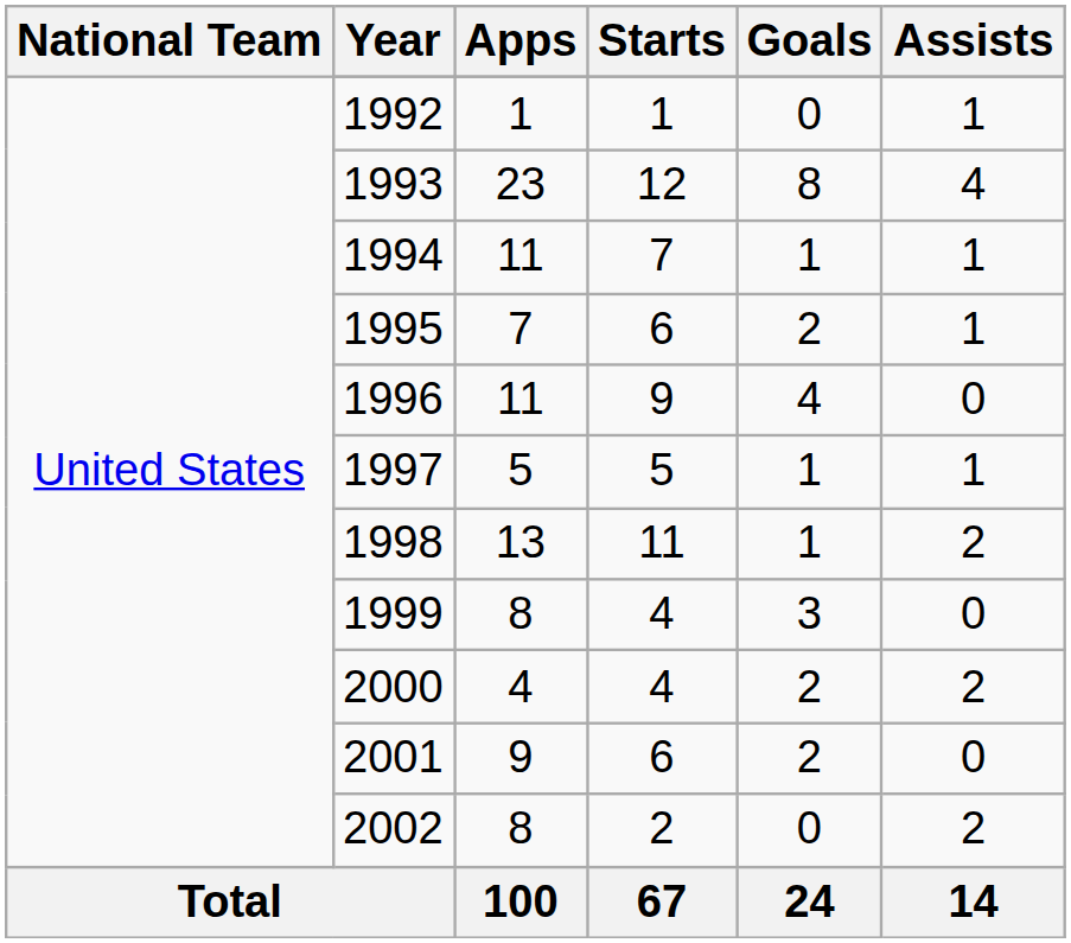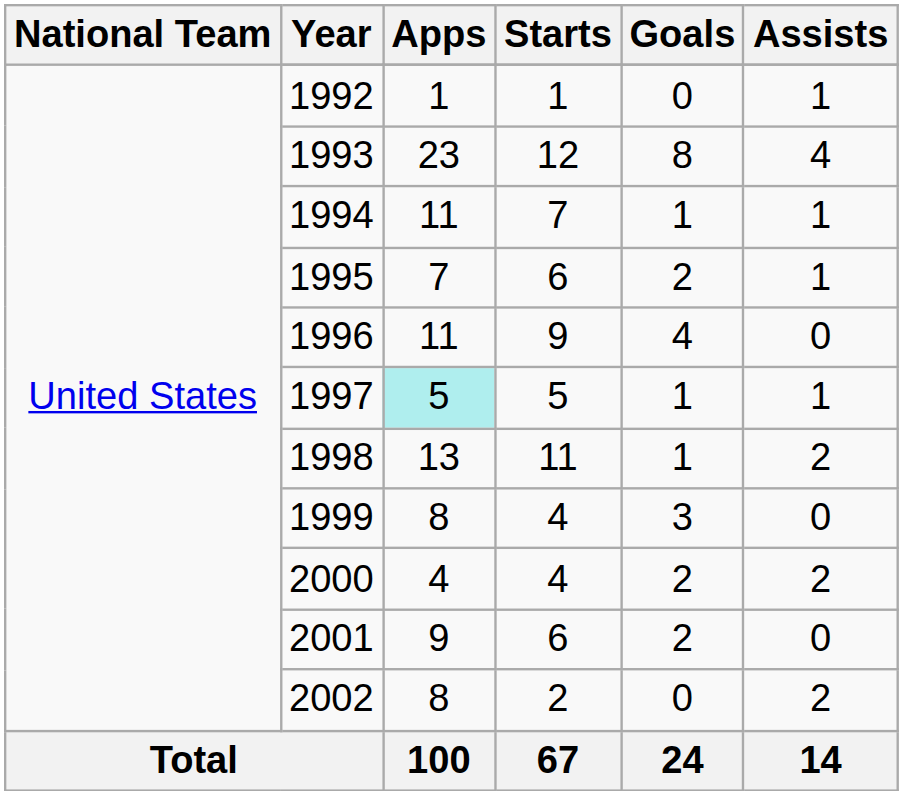 <table class="wikitable" style="text-align:center">
 <tr>
 <th>National Team</th>
 <th>Year</th>
 <th>Apps</th>
 <th>Starts</th>
 <th>Goals</th>
 <th>Assists</th>
 </tr>
 <tr>
 <td rowspan="12"><a href='#'>United States</a></td>
 </tr>
 <tr>
 <td>1992</td>
 <td>1</td>
 <td>1</td>
 <td>0</td>
 <td>1</td>
 </tr>
 <tr>
 <td>1993</td>
 <td>23</td>
 <td>12</td>
 <td>8</td>
 <td>4</td>
 </tr>
 <tr>
 <td>1994</td>
 <td>11</td>
 <td>7</td>
 <td>1</td>
 <td>1</td>
 </tr>
 <tr>
 <td>1995</td>
 <td>7</td>
 <td>6</td>
 <td>2</td>
 <td>1</td>
 </tr>
 <tr>
 <td>1996</td>
 <td>11</td>
 <td>9</td>
 <td>4</td>
 <td>0</td>
 </tr>
 <tr>
 <td>1997</td>
-<td>5</td>
+<td style="background: paleturquoise;">5</td>
 <td>5</td>
 <td>1</td>
 <td>1</td>
 </tr>
 <tr>
 <td>1998</td>
 <td>13</td>
 <td>11</td>
 <td>1</td>
 <td>2</td>
 </tr>
 <tr>
 <td>1999</td>
 <td>8</td>
 <td>4</td>
 <td>3</td>
 <td>0</td>
 </tr>
 <tr>
 <td>2000</td>
 <td>4</td>
 <td>4</td>
 <td>2</td>
 <td>2</td>
 </tr>
 <tr>
 <td>2001</td>
 <td>9</td>
 <td>6</td>
 <td>2</td>
 <td>0</td>
 </tr>
 <tr>
 <td>2002</td>
 <td>8</td>
 <td>2</td>
 <td>0</td>
 <td>2</td>
 </tr>
 <tr>
 <th colspan=2>Total</th>
 <th>100</th>
 <th>67</th>
 <th>24</th>
 <th>14</th>
 </tr>
 </table>
